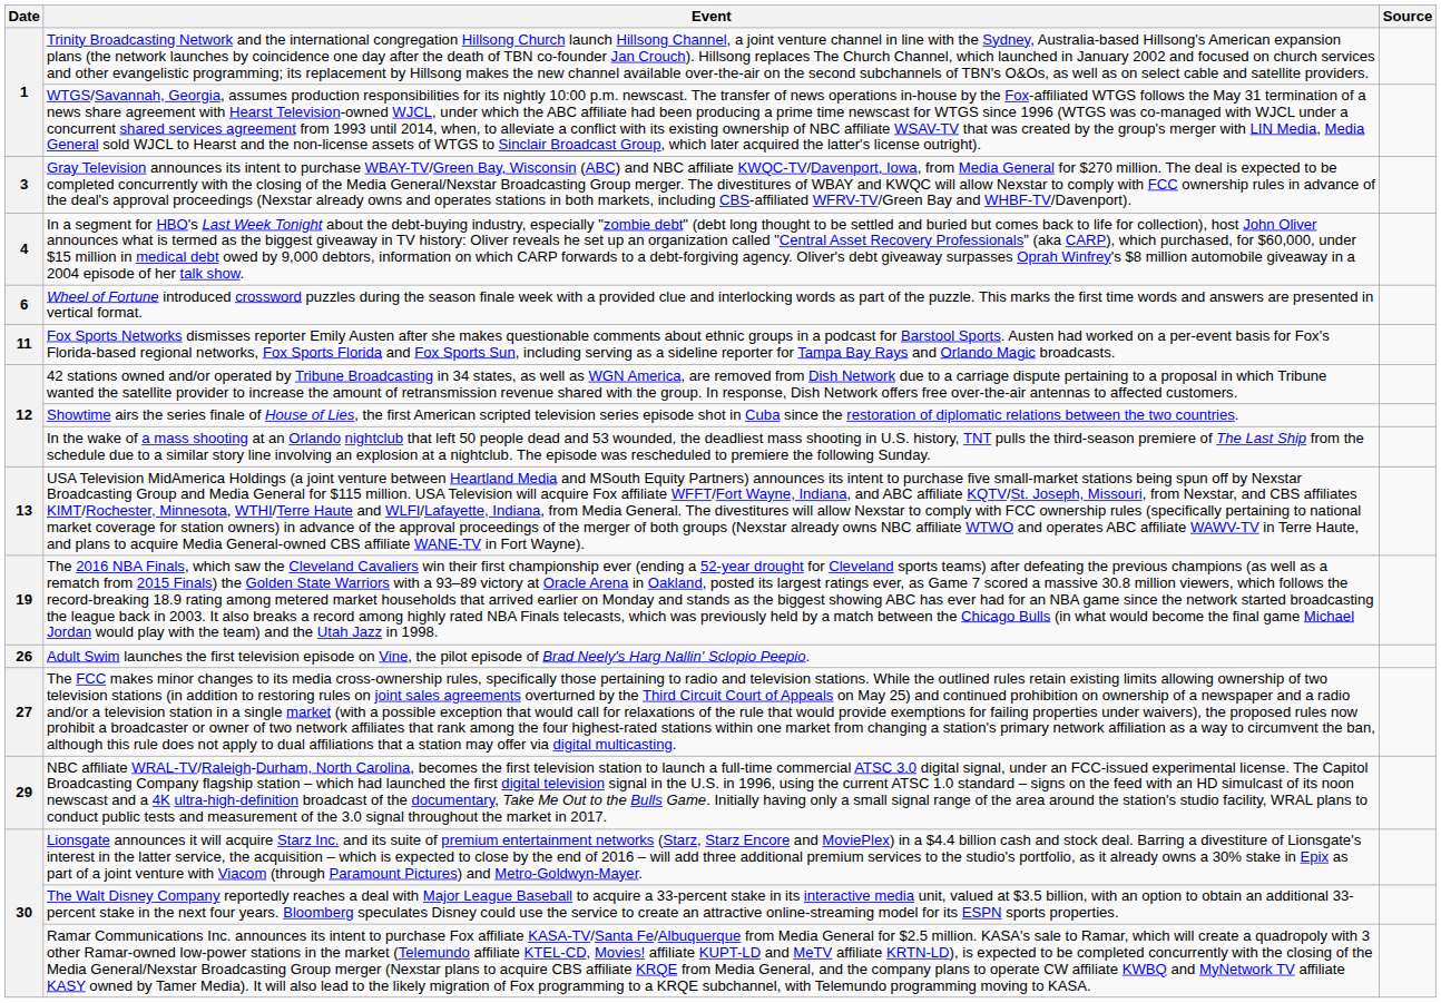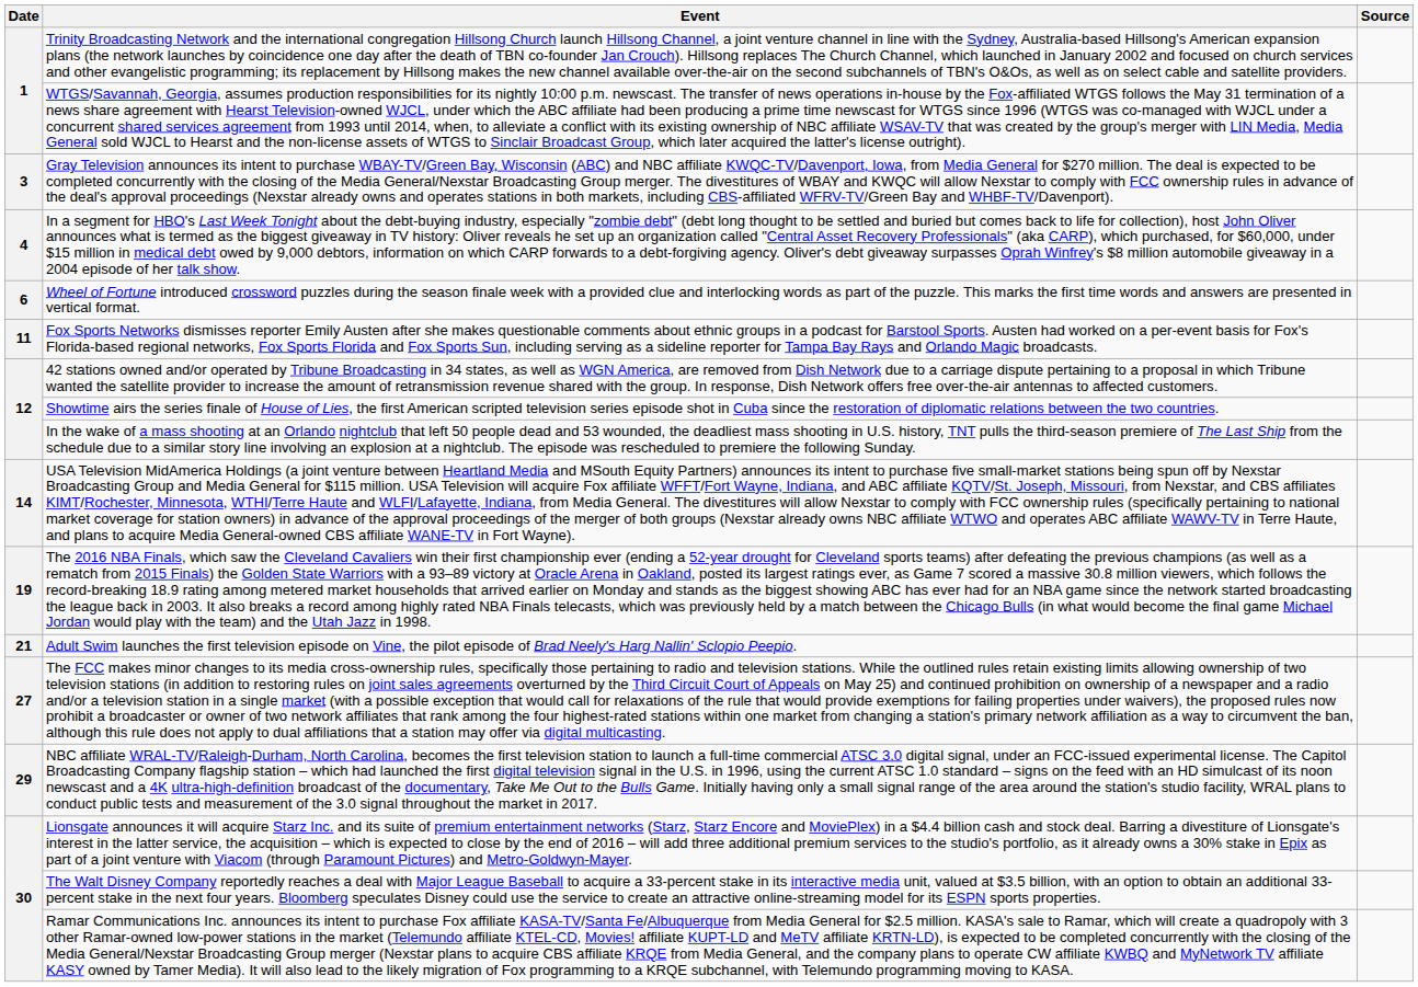 <table class="wikitable">
 <tr>
 <th>Date</th>
 <th>Event</th>
 <th>Source</th>
 </tr>
 <tr>
 <th rowspan="2">1</th>
 <td><a href='#'>Trinity Broadcasting Network</a> and the international congregation <a href='#'>Hillsong Church</a> launch <a href='#'>Hillsong Channel</a>, a joint venture channel in line with the <a href='#'>Sydney</a>, Australia-based Hillsong's American expansion plans (the network launches by coincidence one day after the death of TBN co-founder <a href='#'>Jan Crouch</a>). Hillsong replaces The Church Channel, which launched in January 2002 and focused on church services and other evangelistic programming; its replacement by Hillsong makes the new channel available over-the-air on the second subchannels of TBN's O&Os, as well as on select cable and satellite providers.</td>
 <td><br></td>
 </tr>
 <tr>
 <td><a href='#'>WTGS</a>/<a href='#'>Savannah, Georgia</a>, assumes production responsibilities for its nightly 10:00 p.m. newscast. The transfer of news operations in-house by the <a href='#'>Fox</a>-affiliated WTGS follows the May 31 termination of a news share agreement with <a href='#'>Hearst Television</a>-owned <a href='#'>WJCL</a>, under which the ABC affiliate had been producing a prime time newscast for WTGS since 1996 (WTGS was co-managed with WJCL under a concurrent <a href='#'>shared services agreement</a> from 1993 until 2014, when, to alleviate a conflict with its existing ownership of NBC affiliate <a href='#'>WSAV-TV</a> that was created by the group's merger with <a href='#'>LIN Media</a>, <a href='#'>Media General</a> sold WJCL to Hearst and the non-license assets of WTGS to <a href='#'>Sinclair Broadcast Group</a>, which later acquired the latter's license outright).</td>
 <td><br></td>
 </tr>
 <tr>
 <th>3</th>
 <td><a href='#'>Gray Television</a> announces its intent to purchase <a href='#'>WBAY-TV</a>/<a href='#'>Green Bay, Wisconsin</a> (<a href='#'>ABC</a>) and NBC affiliate <a href='#'>KWQC-TV</a>/<a href='#'>Davenport, Iowa</a>, from <a href='#'>Media General</a> for $270 million. The deal is expected to be completed concurrently with the closing of the Media General/Nexstar Broadcasting Group merger. The divestitures of WBAY and KWQC will allow Nexstar to comply with <a href='#'>FCC</a> ownership rules in advance of the deal's approval proceedings (Nexstar already owns and operates stations in both markets, including <a href='#'>CBS</a>-affiliated <a href='#'>WFRV-TV</a>/Green Bay and <a href='#'>WHBF-TV</a>/Davenport).</td>
 <td></td>
 </tr>
 <tr>
 <th>4</th>
 <td>In a segment for <a href='#'>HBO</a>'s <em><a href='#'>Last Week Tonight</a></em> about the debt-buying industry, especially "<a href='#'>zombie debt</a>" (debt long thought to be settled and buried but comes back to life for collection), host <a href='#'>John Oliver</a> announces what is termed as the biggest giveaway in TV history: Oliver reveals he set up an organization called "<a href='#'>Central Asset Recovery Professionals</a>" (aka <a href='#'>CARP</a>), which purchased, for $60,000, under $15 million in <a href='#'>medical debt</a> owed by 9,000 debtors, information on which CARP forwards to a debt-forgiving agency.  Oliver's debt giveaway surpasses <a href='#'>Oprah Winfrey</a>'s $8 million automobile giveaway in a 2004 episode of her <a href='#'>talk show</a>.</td>
 <td><br></td>
 </tr>
 <tr>
 <th>6</th>
 <td><em><a href='#'>Wheel of Fortune</a></em> introduced <a href='#'>crossword</a> puzzles during the season finale week with a provided clue and interlocking words as part of the puzzle. This marks the first time words and answers are presented in vertical format.</td>
 <td></td>
 </tr>
 <tr>
 <th>11</th>
 <td><a href='#'>Fox Sports Networks</a> dismisses reporter Emily Austen after she makes questionable comments about ethnic groups in a podcast for <a href='#'>Barstool Sports</a>. Austen had worked on a per-event basis for Fox's Florida-based regional networks, <a href='#'>Fox Sports Florida</a> and <a href='#'>Fox Sports Sun</a>, including serving as a sideline reporter for <a href='#'>Tampa Bay Rays</a> and <a href='#'>Orlando Magic</a> broadcasts.</td>
 <td></td>
 </tr>
 <tr>
 <th rowspan="3">12</th>
 <td>42 stations owned and/or operated by <a href='#'>Tribune Broadcasting</a> in 34 states, as well as <a href='#'>WGN America</a>, are removed from <a href='#'>Dish Network</a> due to a carriage dispute pertaining to a proposal in which Tribune wanted the satellite provider to increase the amount of retransmission revenue shared with the group. In response, Dish Network offers free over-the-air antennas to affected customers.</td>
 <td></td>
 </tr>
 <tr>
 <td><a href='#'>Showtime</a> airs the series finale of <em><a href='#'>House of Lies</a></em>, the first American scripted television series episode shot in <a href='#'>Cuba</a> since the <a href='#'>restoration of diplomatic relations between the two countries</a>.</td>
 <td></td>
 </tr>
 <tr>
 <td>In the wake of <a href='#'>a mass shooting</a> at an <a href='#'>Orlando</a> <a href='#'>nightclub</a> that left 50 people dead and 53 wounded, the deadliest mass shooting in U.S. history, <a href='#'>TNT</a> pulls the third-season premiere of <em><a href='#'>The Last Ship</a></em> from the schedule due to a similar story line involving an explosion at a nightclub. The episode was rescheduled to premiere the following Sunday.</td>
 <td></td>
 </tr>
 <tr>
-<th>13</th>
+<th>14</th>
 <td>USA Television MidAmerica Holdings (a joint venture between <a href='#'>Heartland Media</a> and MSouth Equity Partners) announces its intent to purchase five small-market stations being spun off by Nexstar Broadcasting Group and Media General for $115 million. USA Television will acquire Fox affiliate <a href='#'>WFFT</a>/<a href='#'>Fort Wayne, Indiana</a>, and ABC affiliate <a href='#'>KQTV</a>/<a href='#'>St. Joseph, Missouri</a>, from Nexstar, and CBS affiliates <a href='#'>KIMT</a>/<a href='#'>Rochester, Minnesota</a>, <a href='#'>WTHI</a>/<a href='#'>Terre Haute</a> and <a href='#'>WLFI</a>/<a href='#'>Lafayette, Indiana</a>, from Media General. The divestitures will allow Nexstar to comply with FCC ownership rules (specifically pertaining to national market coverage for station owners) in advance of the approval proceedings of the merger of both groups (Nexstar already owns NBC affiliate <a href='#'>WTWO</a> and operates ABC affiliate <a href='#'>WAWV-TV</a> in Terre Haute, and plans to acquire Media General-owned CBS affiliate <a href='#'>WANE-TV</a> in Fort Wayne).</td>
 <td></td>
 </tr>
 <tr>
 <th>19</th>
 <td>The <a href='#'>2016 NBA Finals</a>, which saw the <a href='#'>Cleveland Cavaliers</a> win their first championship ever (ending a <a href='#'>52-year drought</a> for <a href='#'>Cleveland</a> sports teams) after defeating the previous champions (as well as a rematch from <a href='#'>2015 Finals</a>) the <a href='#'>Golden State Warriors</a> with a 93–89 victory at <a href='#'>Oracle Arena</a> in <a href='#'>Oakland</a>, posted its largest ratings ever, as Game 7 scored a massive 30.8 million viewers, which follows the record-breaking 18.9 rating among metered market households that arrived earlier on Monday and stands as the biggest showing ABC has ever had for an NBA game since the network started broadcasting the league back in 2003. It also breaks a record among highly rated NBA Finals telecasts, which was previously held by a match between the <a href='#'>Chicago Bulls</a> (in what would become the final game <a href='#'>Michael Jordan</a> would play with the team) and the <a href='#'>Utah Jazz</a> in 1998.</td>
 <td></td>
 </tr>
 <tr>
-<th>26</th>
+<th>21</th>
 <td><a href='#'>Adult Swim</a> launches the first television episode on <a href='#'>Vine</a>, the pilot episode of <em><a href='#'>Brad Neely's Harg Nallin' Sclopio Peepio</a></em>.</td>
 <td></td>
 </tr>
 <tr>
 <th>27</th>
 <td>The <a href='#'>FCC</a> makes minor changes to its media cross-ownership rules, specifically those pertaining to radio and television stations. While the outlined rules retain existing limits allowing ownership of two television stations (in addition to restoring rules on <a href='#'>joint sales agreements</a> overturned by the <a href='#'>Third Circuit Court of Appeals</a> on May 25) and continued prohibition on ownership of a newspaper and a radio and/or a television station in a single <a href='#'>market</a> (with a possible exception that would call for relaxations of the rule that would provide exemptions for failing properties under waivers), the proposed rules now prohibit a broadcaster or owner of two network affiliates that rank among the four highest-rated stations within one market from changing a station's primary network affiliation as a way to circumvent the ban, although this rule does not apply to dual affiliations that a station may offer via <a href='#'>digital multicasting</a>.</td>
 <td></td>
 </tr>
 <tr>
 <th>29</th>
 <td>NBC affiliate <a href='#'>WRAL-TV</a>/<a href='#'>Raleigh</a>-<a href='#'>Durham, North Carolina</a>, becomes the first television station to launch a full-time commercial <a href='#'>ATSC 3.0</a> digital signal, under an FCC-issued experimental license. The Capitol Broadcasting Company flagship station – which had launched the first <a href='#'>digital television</a> signal in the U.S. in 1996, using the current ATSC 1.0 standard – signs on the feed with an HD simulcast of its noon newscast and a <a href='#'>4K</a> <a href='#'>ultra-high-definition</a> broadcast of the <a href='#'>documentary</a>, <em>Take Me Out to the <a href='#'>Bulls</a> Game</em>. Initially having only a small signal range of the area around the station's studio facility, WRAL plans to conduct public tests and measurement of the 3.0 signal throughout the market in 2017.</td>
 <td></td>
 </tr>
 <tr>
 <th rowspan="3">30</th>
 <td><a href='#'>Lionsgate</a> announces it will acquire <a href='#'>Starz Inc.</a> and its suite of <a href='#'>premium entertainment networks</a> (<a href='#'>Starz</a>, <a href='#'>Starz Encore</a> and <a href='#'>MoviePlex</a>) in a $4.4 billion cash and stock deal. Barring a divestiture of Lionsgate's interest in the latter service, the acquisition – which is expected to close by the end of 2016 – will add three additional premium services to the studio's portfolio, as it already owns a 30% stake in <a href='#'>Epix</a> as part of a joint venture with <a href='#'>Viacom</a> (through <a href='#'>Paramount Pictures</a>) and <a href='#'>Metro-Goldwyn-Mayer</a>.</td>
 <td><br></td>
 </tr>
 <tr>
 <td><a href='#'>The Walt Disney Company</a> reportedly reaches a deal with <a href='#'>Major League Baseball</a> to acquire a 33-percent stake in its <a href='#'>interactive media</a> unit, valued at $3.5 billion, with an option to obtain an additional 33-percent stake in the next four years. <a href='#'>Bloomberg</a> speculates Disney could use the service to create an attractive online-streaming model for its <a href='#'>ESPN</a> sports properties.</td>
 <td></td>
 </tr>
 <tr>
 <td>Ramar Communications Inc. announces its intent to purchase Fox affiliate <a href='#'>KASA-TV</a>/<a href='#'>Santa Fe</a>/<a href='#'>Albuquerque</a> from Media General for $2.5 million.  KASA's sale to Ramar, which will create a quadropoly with 3 other Ramar-owned low-power stations in the market (<a href='#'>Telemundo</a> affiliate <a href='#'>KTEL-CD</a>, <a href='#'>Movies!</a> affiliate <a href='#'>KUPT-LD</a> and <a href='#'>MeTV</a> affiliate <a href='#'>KRTN-LD</a>), is expected to be completed concurrently with the closing of the Media General/Nexstar Broadcasting Group merger (Nexstar plans to acquire CBS affiliate <a href='#'>KRQE</a> from Media General, and the company plans to operate CW affiliate <a href='#'>KWBQ</a> and <a href='#'>MyNetwork TV</a> affiliate <a href='#'>KASY</a> owned by Tamer Media).  It will also lead to the likely migration of Fox programming to a KRQE subchannel, with Telemundo programming moving to KASA.</td>
 <td></td>
 </tr>
 </table>
